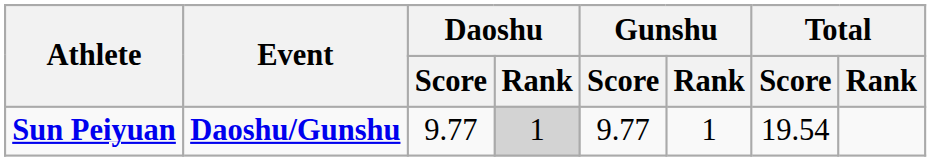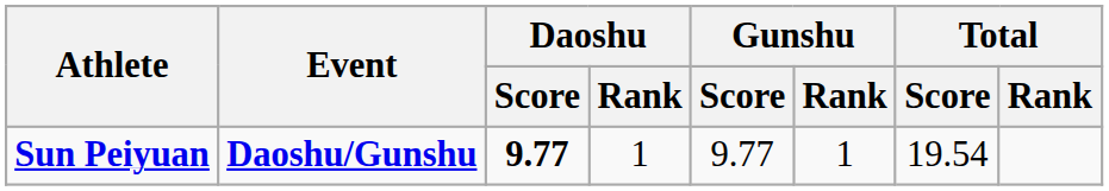 <table class="wikitable" style="text-align:center; font-size:90%">
 <tr>
 <th rowspan="2">Athlete</th>
 <th rowspan="2">Event</th>
 <th colspan="2">Daoshu</th>
 <th colspan="2">Gunshu</th>
 <th colspan="2">Total</th>
 </tr>
 <tr>
 <th>Score</th>
 <th>Rank</th>
 <th>Score</th>
 <th>Rank</th>
 <th>Score</th>
 <th>Rank</th>
 </tr>
 <tr>
 <td align="left"><strong><a href='#'>Sun Peiyuan</a></strong></td>
 <td align="left"><strong><a href='#'>Daoshu/Gunshu</a></strong></td>
-<td>9.77</td>
-<td style="background: lightgrey;">1</td>
+<td><strong>9.77</strong></td>
+<td>1</td>
 <td>9.77</td>
 <td>1</td>
 <td>19.54</td>
 <td align=center></td>
 </tr>
 </table>
